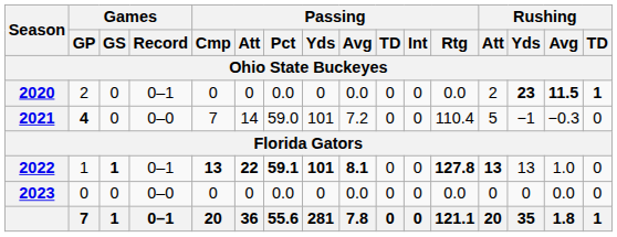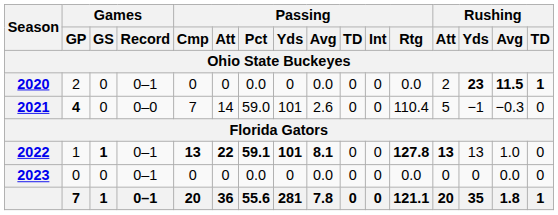 <table class="wikitable" style="text-align:center;">
 <tr>
 <th rowspan="2">Season</th>
 <th colspan="3">Games</th>
 <th colspan="8">Passing</th>
 <th colspan="5">Rushing</th>
 </tr>
 <tr>
 <th>GP</th>
 <th>GS</th>
 <th>Record</th>
 <th>Cmp</th>
 <th>Att</th>
 <th>Pct</th>
 <th>Yds</th>
 <th>Avg</th>
 <th>TD</th>
 <th>Int</th>
 <th>Rtg</th>
 <th>Att</th>
 <th>Yds</th>
 <th>Avg</th>
 <th>TD</th>
 </tr>
 <tr>
 <th colspan="16">Ohio State Buckeyes</th>
 </tr>
 <tr>
 <th><a href='#'>2020</a></th>
 <td>2</td>
 <td>0</td>
 <td>0–1</td>
 <td>0</td>
 <td>0</td>
 <td>0.0</td>
 <td>0</td>
 <td>0.0</td>
 <td>0</td>
 <td>0</td>
 <td>0.0</td>
 <td>2</td>
 <td><strong>23</strong></td>
 <td><strong>11.5</strong></td>
 <td><strong>1</strong></td>
 </tr>
 <tr>
 <th><a href='#'>2021</a></th>
 <td><strong>4</strong></td>
 <td>0</td>
 <td>0–0</td>
 <td>7</td>
 <td>14</td>
 <td>59.0</td>
 <td>101</td>
-<td>7.2</td>
+<td>2.6</td>
 <td>0</td>
 <td>0</td>
 <td>110.4</td>
 <td>5</td>
 <td>−1</td>
 <td>−0.3</td>
 <td>0</td>
 </tr>
 <tr>
 <th colspan="16">Florida Gators</th>
 </tr>
 <tr>
 <th><a href='#'>2022</a></th>
 <td>1</td>
 <td><strong>1</strong></td>
 <td>0–1</td>
 <td><strong>13</strong></td>
 <td><strong>22</strong></td>
 <td><strong>59.1</strong></td>
 <td><strong>101</strong></td>
 <td><strong>8.1</strong></td>
 <td>0</td>
 <td>0</td>
 <td><strong>127.8</strong></td>
 <td><strong>13</strong></td>
 <td>13</td>
 <td>1.0</td>
 <td>0</td>
 </tr>
 <tr>
 <th><a href='#'>2023</a></th>
 <td>0</td>
 <td>0</td>
-<td>0–0</td>
+<td>0–1</td>
 <td>0</td>
 <td>0</td>
 <td>0.0</td>
 <td>0</td>
 <td>0.0</td>
 <td>0</td>
 <td>0</td>
 <td>0.0</td>
 <td>0</td>
 <td>0</td>
 <td>0.0</td>
 <td>0</td>
 </tr>
 <tr>
 <th></th>
 <th>7</th>
 <th>1</th>
 <th>0–1</th>
 <th>20</th>
 <th>36</th>
 <th>55.6</th>
 <th>281</th>
 <th>7.8</th>
 <th>0</th>
 <th>0</th>
 <th>121.1</th>
 <th>20</th>
 <th>35</th>
 <th>1.8</th>
 <th>1</th>
 </tr>
 </table>
